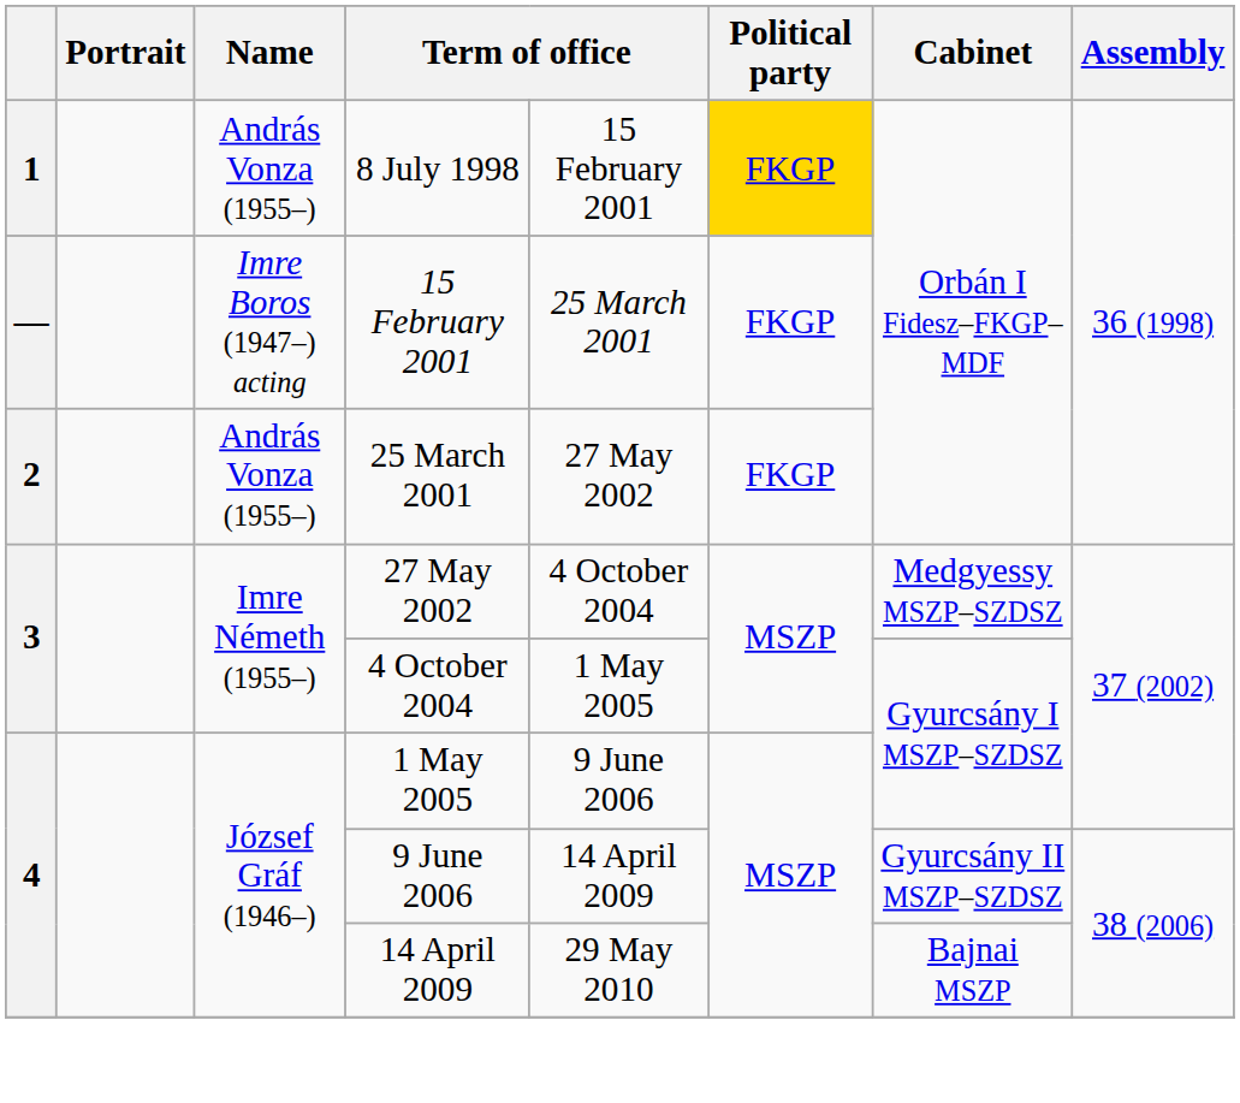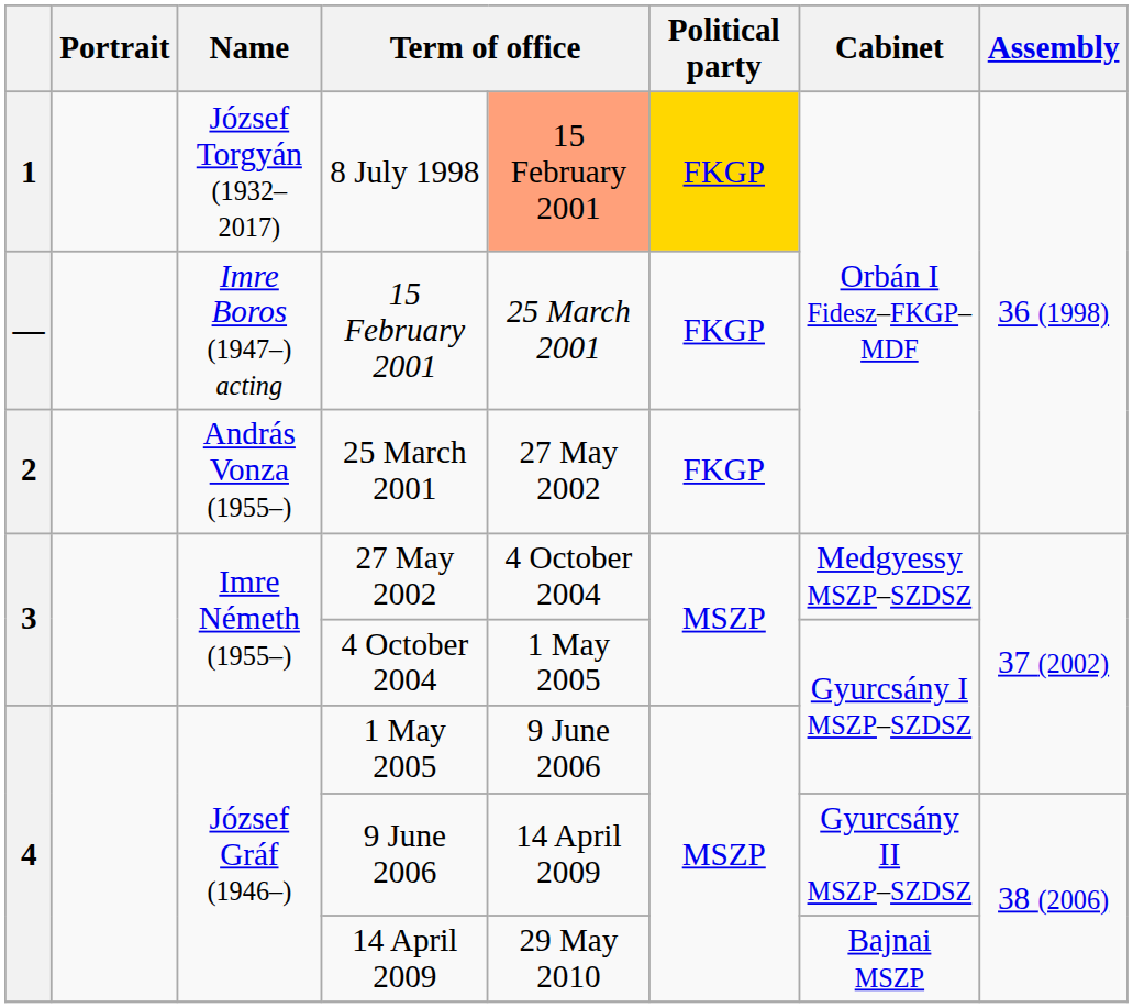 <table class="wikitable" style="width:90%; text-align:center;">
 <tr>
 <th></th>
 <th>Portrait</th>
 <th>Name<br></th>
 <th colspan=2>Term of office</th>
 <th>Political party</th>
 <th>Cabinet</th>
 <th><a href='#'>Assembly</a><br></th>
 </tr>
 <tr>
 <th style="background:">1</th>
 <td></td>
-<td><a href='#'>András Vonza</a><br><small>(1955–)</small></td>
+<td><a href='#'>József Torgyán</a><br><small>(1932–2017)</small></td>
 <td>8 July 1998</td>
-<td>15 February 2001</td>
+<td style="background: lightsalmon;">15 February 2001</td>
 <td style="background: gold;"><a href='#'>FKGP</a></td>
 <td rowspan="3"><a href='#'>Orbán I</a><br><small><a href='#'>Fidesz</a>–<a href='#'>FKGP</a>–<a href='#'>MDF</a></small></td>
 <td rowspan="3"><a href='#'>36 <small>(1998)</small></a></td>
 </tr>
 <tr>
 <th style="background:">—</th>
 <td></td>
 <td><em><a href='#'>Imre Boros</a></em><br><small>(1947–)<br><em>acting</em></small></td>
 <td><em>15 February 2001</em></td>
 <td><em>25 March 2001</em></td>
 <td><a href='#'>FKGP</a></td>
 </tr>
 <tr>
 <th style="background:">2</th>
 <td></td>
 <td><a href='#'>András Vonza</a><br><small>(1955–)</small></td>
 <td>25 March 2001</td>
 <td>27 May 2002</td>
 <td><a href='#'>FKGP</a></td>
 </tr>
 <tr>
 <th rowspan="2" style="background:">3</th>
 <td rowspan="2"></td>
 <td rowspan="2"><a href='#'>Imre Németh</a><br><small>(1955–)</small></td>
 <td>27 May 2002</td>
 <td>4 October 2004</td>
 <td rowspan="2"><a href='#'>MSZP</a></td>
 <td><a href='#'>Medgyessy</a><br><small><a href='#'>MSZP</a>–<a href='#'>SZDSZ</a></small></td>
 <td rowspan="3"><a href='#'>37 <small>(2002)</small></a></td>
 </tr>
 <tr>
 <td>4 October 2004</td>
 <td>1 May 2005</td>
 <td rowspan="2"><a href='#'>Gyurcsány I</a><br><small><a href='#'>MSZP</a>–<a href='#'>SZDSZ</a></small></td>
 </tr>
 <tr>
 <th rowspan="3" style="background:">4</th>
 <td rowspan="3"></td>
 <td rowspan="3"><a href='#'>József Gráf</a><br><small>(1946–)</small></td>
 <td>1 May 2005</td>
 <td>9 June 2006</td>
 <td rowspan="3"><a href='#'>MSZP</a></td>
 </tr>
 <tr>
 <td>9 June 2006</td>
 <td>14 April 2009</td>
 <td><a href='#'>Gyurcsány II</a><br><small><a href='#'>MSZP</a>–<a href='#'>SZDSZ</a></small></td>
 <td rowspan="2"><a href='#'>38 <small>(2006)</small></a></td>
 </tr>
 <tr>
 <td>14 April 2009</td>
 <td>29 May 2010</td>
 <td><a href='#'>Bajnai</a><br><small><a href='#'>MSZP</a></small></td>
 </tr>
 <tr>
 </tr>
 </table>
